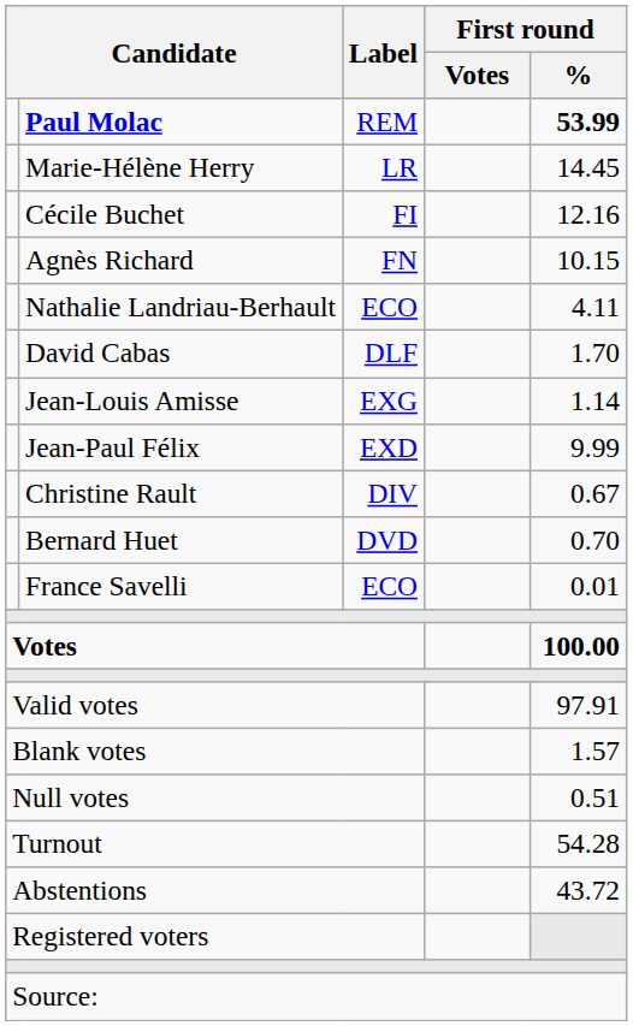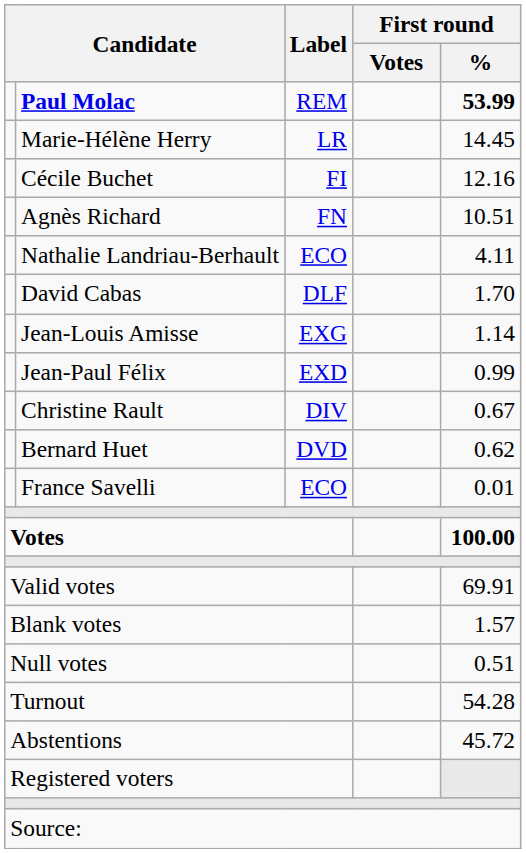 <table class="wikitable" style="text-align:right;font-size:95%;">
 <tr>
 <th rowspan="2" colspan="2">Candidate</th>
 <th rowspan="2">Label</th>
 <th colspan="2">First round</th>
 </tr>
 <tr>
 <th style="width:50px;">Votes</th>
 <th style="width:45px;">%</th>
 </tr>
 <tr>
 <td style="color:inherit;background:"></td>
 <td style="text-align:left;"><strong><a href='#'>Paul Molac</a></strong></td>
 <td><a href='#'>REM</a></td>
 <td><strong></strong></td>
 <td><strong>53.99</strong></td>
 </tr>
 <tr>
 <td style="color:inherit;background:"></td>
 <td style="text-align:left;">Marie-Hélène Herry</td>
 <td><a href='#'>LR</a></td>
 <td></td>
 <td>14.45</td>
 </tr>
 <tr>
 <td style="color:inherit;background:"></td>
 <td style="text-align:left;">Cécile Buchet</td>
 <td><a href='#'>FI</a></td>
 <td></td>
 <td>12.16</td>
 </tr>
 <tr>
 <td style="color:inherit;background:"></td>
 <td style="text-align:left;">Agnès Richard</td>
 <td><a href='#'>FN</a></td>
 <td></td>
-<td>10.15</td>
+<td>10.51</td>
 </tr>
 <tr>
 <td style="color:inherit;background:"></td>
 <td style="text-align:left;">Nathalie Landriau-Berhault</td>
 <td><a href='#'>ECO</a></td>
 <td></td>
 <td>4.11</td>
 </tr>
 <tr>
 <td style="color:inherit;background:"></td>
 <td style="text-align:left;">David Cabas</td>
 <td><a href='#'>DLF</a></td>
 <td></td>
 <td>1.70</td>
 </tr>
 <tr>
 <td style="color:inherit;background:"></td>
 <td style="text-align:left;">Jean-Louis Amisse</td>
 <td><a href='#'>EXG</a></td>
 <td></td>
 <td>1.14</td>
 </tr>
 <tr>
 <td style="color:inherit;background:"></td>
 <td style="text-align:left;">Jean-Paul Félix</td>
 <td><a href='#'>EXD</a></td>
 <td></td>
-<td>9.99</td>
+<td>0.99</td>
 </tr>
 <tr>
 <td style="color:inherit;background:"></td>
 <td style="text-align:left;">Christine Rault</td>
 <td><a href='#'>DIV</a></td>
 <td></td>
 <td>0.67</td>
 </tr>
 <tr>
 <td style="color:inherit;background:"></td>
 <td style="text-align:left;">Bernard Huet</td>
 <td><a href='#'>DVD</a></td>
 <td></td>
-<td>0.70</td>
+<td>0.62</td>
 </tr>
 <tr>
 <td style="color:inherit;background:"></td>
 <td style="text-align:left;">France Savelli</td>
 <td><a href='#'>ECO</a></td>
 <td></td>
 <td>0.01</td>
 </tr>
 <tr>
 <td colspan="5" style="background:#E9E9E9;"></td>
 </tr>
 <tr style="font-weight:bold;">
 <td colspan="3" style="text-align:left;">Votes</td>
 <td></td>
 <td>100.00</td>
 </tr>
 <tr>
 <td colspan="5" style="background:#E9E9E9;"></td>
 </tr>
 <tr>
 <td colspan="3" style="text-align:left;">Valid votes</td>
 <td></td>
-<td>97.91</td>
+<td>69.91</td>
 </tr>
 <tr>
 <td colspan="3" style="text-align:left;">Blank votes</td>
 <td></td>
 <td>1.57</td>
 </tr>
 <tr>
 <td colspan="3" style="text-align:left;">Null votes</td>
 <td></td>
 <td>0.51</td>
 </tr>
 <tr>
 <td colspan="3" style="text-align:left;">Turnout</td>
 <td></td>
 <td>54.28</td>
 </tr>
 <tr>
 <td colspan="3" style="text-align:left;">Abstentions</td>
 <td></td>
-<td>43.72</td>
+<td>45.72</td>
 </tr>
 <tr>
 <td colspan="3" style="text-align:left;">Registered voters</td>
 <td></td>
 <td style="background:#E9E9E9;"></td>
 </tr>
 <tr>
 <td colspan="5" style="background:#E9E9E9;"></td>
 </tr>
 <tr>
 <td colspan="5" style="text-align:left;">Source: </td>
 </tr>
 </table>
